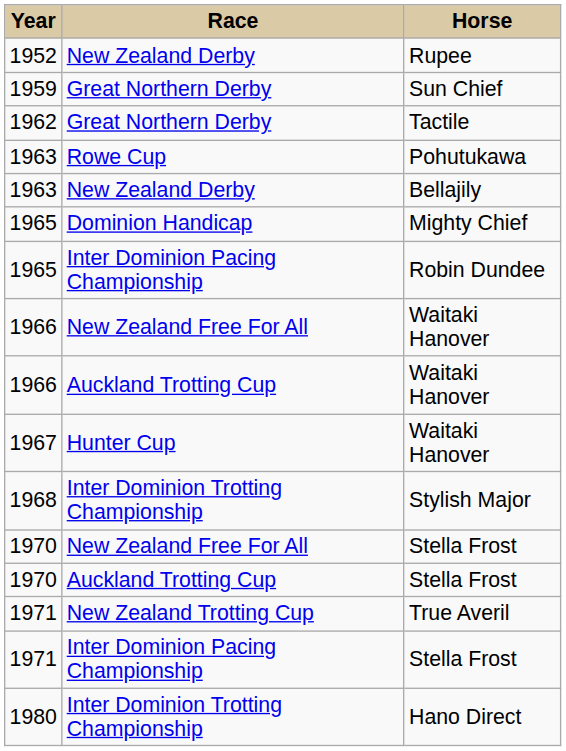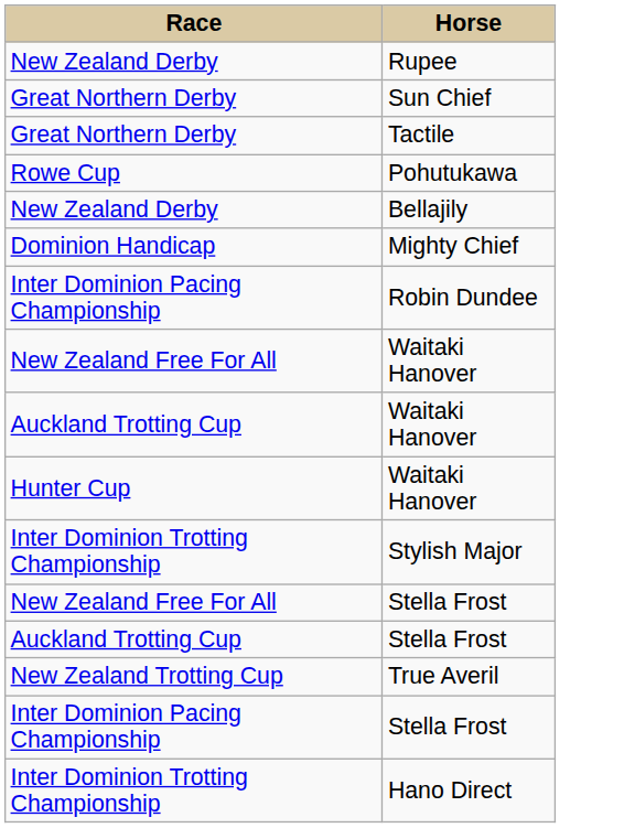 <table class="wikitable sortable">
 <tr>
-<th style="background-color:#dacaa5; width:35px">Year <br></th>
 <th style="background-color:#dacaa5; width:250px">Race <br></th>
 <th style="background-color:#dacaa5; width:110px">Horse <br></th>
 </tr>
 <tr>
-<td>1952</td>
 <td><a href='#'>New Zealand Derby</a></td>
 <td>Rupee</td>
 </tr>
 <tr>
-<td>1959</td>
 <td><a href='#'>Great Northern Derby</a></td>
 <td>Sun Chief</td>
 </tr>
 <tr>
-<td>1962</td>
 <td><a href='#'>Great Northern Derby</a></td>
 <td>Tactile</td>
 </tr>
 <tr>
-<td>1963</td>
 <td><a href='#'>Rowe Cup</a></td>
 <td>Pohutukawa</td>
 </tr>
 <tr>
-<td>1963</td>
 <td><a href='#'>New Zealand Derby</a></td>
 <td>Bellajily</td>
 </tr>
 <tr>
-<td>1965</td>
 <td><a href='#'>Dominion Handicap</a></td>
 <td>Mighty Chief</td>
 </tr>
 <tr>
-<td>1965</td>
 <td><a href='#'>Inter Dominion Pacing Championship</a></td>
 <td>Robin Dundee</td>
 </tr>
 <tr>
-<td>1966</td>
 <td><a href='#'>New Zealand Free For All</a></td>
 <td>Waitaki Hanover</td>
 </tr>
 <tr>
-<td>1966</td>
 <td><a href='#'>Auckland Trotting Cup</a></td>
 <td>Waitaki Hanover</td>
 </tr>
 <tr>
-<td>1967</td>
 <td><a href='#'>Hunter Cup</a></td>
 <td>Waitaki Hanover</td>
 </tr>
 <tr>
-<td>1968</td>
 <td><a href='#'>Inter Dominion Trotting Championship</a></td>
 <td>Stylish Major</td>
 </tr>
 <tr>
-<td>1970</td>
 <td><a href='#'>New Zealand Free For All</a></td>
 <td>Stella Frost</td>
 </tr>
 <tr>
-<td>1970</td>
 <td><a href='#'>Auckland Trotting Cup</a></td>
 <td>Stella Frost</td>
 </tr>
 <tr>
-<td>1971</td>
 <td><a href='#'>New Zealand Trotting Cup</a></td>
 <td>True Averil</td>
 </tr>
 <tr>
-<td>1971</td>
 <td><a href='#'>Inter Dominion Pacing Championship</a></td>
 <td>Stella Frost</td>
 </tr>
 <tr>
-<td>1980</td>
 <td><a href='#'>Inter Dominion Trotting Championship</a></td>
 <td>Hano Direct</td>
 </tr>
 </table>
